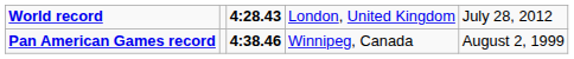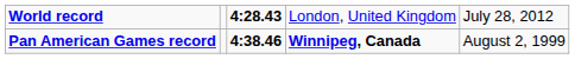 <table class="wikitable">
 <tr>
 <td><strong><a href='#'>World record</a></strong></td>
 <td></td>
 <td><strong>4:28.43</strong></td>
 <td><a href='#'>London</a>, <a href='#'>United Kingdom</a></td>
 <td>July 28, 2012</td>
 </tr>
 <tr>
 <td><strong><a href='#'>Pan American Games record</a></strong></td>
 <td></td>
 <td><strong>4:38.46</strong></td>
-<td><a href='#'>Winnipeg</a>, Canada</td>
+<td><strong><a href='#'>Winnipeg</a>, Canada</strong></td>
 <td>August 2, 1999</td>
 </tr>
 </table>
